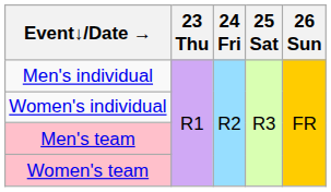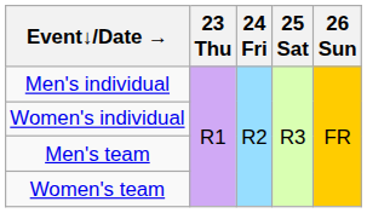 <table class="wikitable" style="margin:0.5em auto; font-size:90%; line-height:1.25em; text-align:center;">
 <tr>
 <th>Event↓/Date →</th>
 <th>23<br>Thu</th>
 <th>24<br>Fri</th>
 <th>25<br>Sat</th>
 <th>26<br>Sun</th>
 </tr>
 <tr>
 <td><a href='#'>Men's individual</a></td>
 <td rowspan="4" style="background-color:#D0A9F5;text-align:center;">R1</td>
 <td rowspan="4" style="background-color:#97DEFF;text-align:center;">R2</td>
 <td rowspan="4" style="background-color:#D9FFB2;text-align:center;">R3</td>
 <td rowspan="4" style="background-color:#ffcc00;text-align:center;">FR</td>
 </tr>
 <tr>
 <td><a href='#'>Women's individual</a></td>
 </tr>
 <tr>
-<td style="background: pink;"><a href='#'>Men's team</a></td>
+<td><a href='#'>Men's team</a></td>
 </tr>
 <tr>
-<td style="background: pink;"><a href='#'>Women's team</a></td>
+<td><a href='#'>Women's team</a></td>
 </tr>
 </table>
